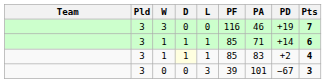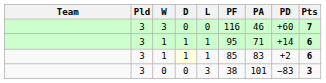 <table class="wikitable" style="text-align:center;">
 <tr>
 <th width=175>Team</th>
 <th width=25 abbr="Played">Pld</th>
 <th width=25 abbr="Won">W</th>
 <th width=25 abbr="Drawn">D</th>
 <th width=25 abbr="Lost">L</th>
 <th width=32 abbr="Points for">PF</th>
 <th width=32 abbr="Points against">PA</th>
 <th width=32 abbr="Points difference">PD</th>
 <th width=25 abbr="Points">Pts</th>
 </tr>
 <tr bgcolor=ccffcc>
 <td align=left></td>
 <td>3</td>
 <td>3</td>
 <td>0</td>
 <td>0</td>
 <td>116</td>
 <td>46</td>
-<td>+19</td>
+<td>+60</td>
 <td><strong>7</strong></td>
 </tr>
 <tr bgcolor=ccffcc>
 <td align=left></td>
 <td>3</td>
 <td>1</td>
 <td>1</td>
 <td>1</td>
-<td>85</td>
+<td>95</td>
 <td>71</td>
 <td>+14</td>
 <td><strong>6</strong></td>
 </tr>
 <tr>
 <td align=left></td>
 <td>3</td>
 <td>1</td>
 <td style="background: lightyellow;">1</td>
 <td>1</td>
 <td>85</td>
 <td>83</td>
 <td>+2</td>
-<td><strong>4</strong></td>
+<td><strong>6</strong></td>
 </tr>
 <tr>
 <td align=left></td>
 <td>3</td>
 <td>0</td>
 <td>0</td>
 <td>3</td>
-<td>39</td>
+<td>38</td>
 <td>101</td>
-<td>−67</td>
+<td>−83</td>
 <td><strong>3</strong></td>
 </tr>
 </table>
